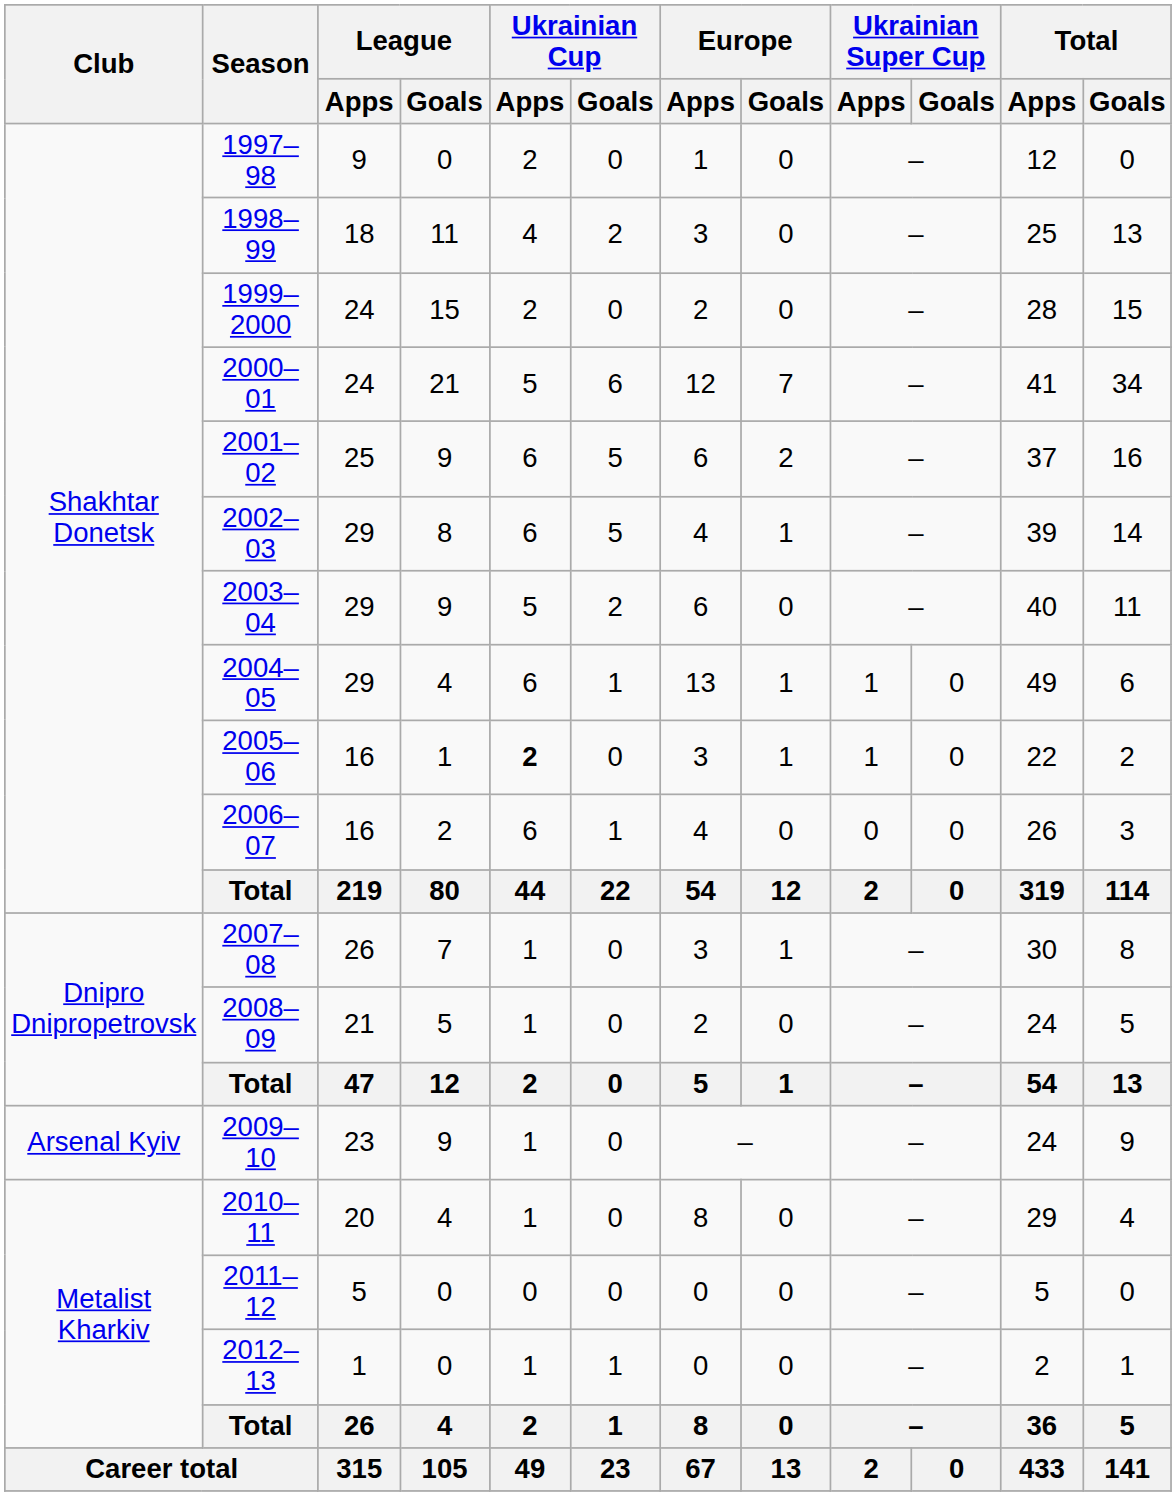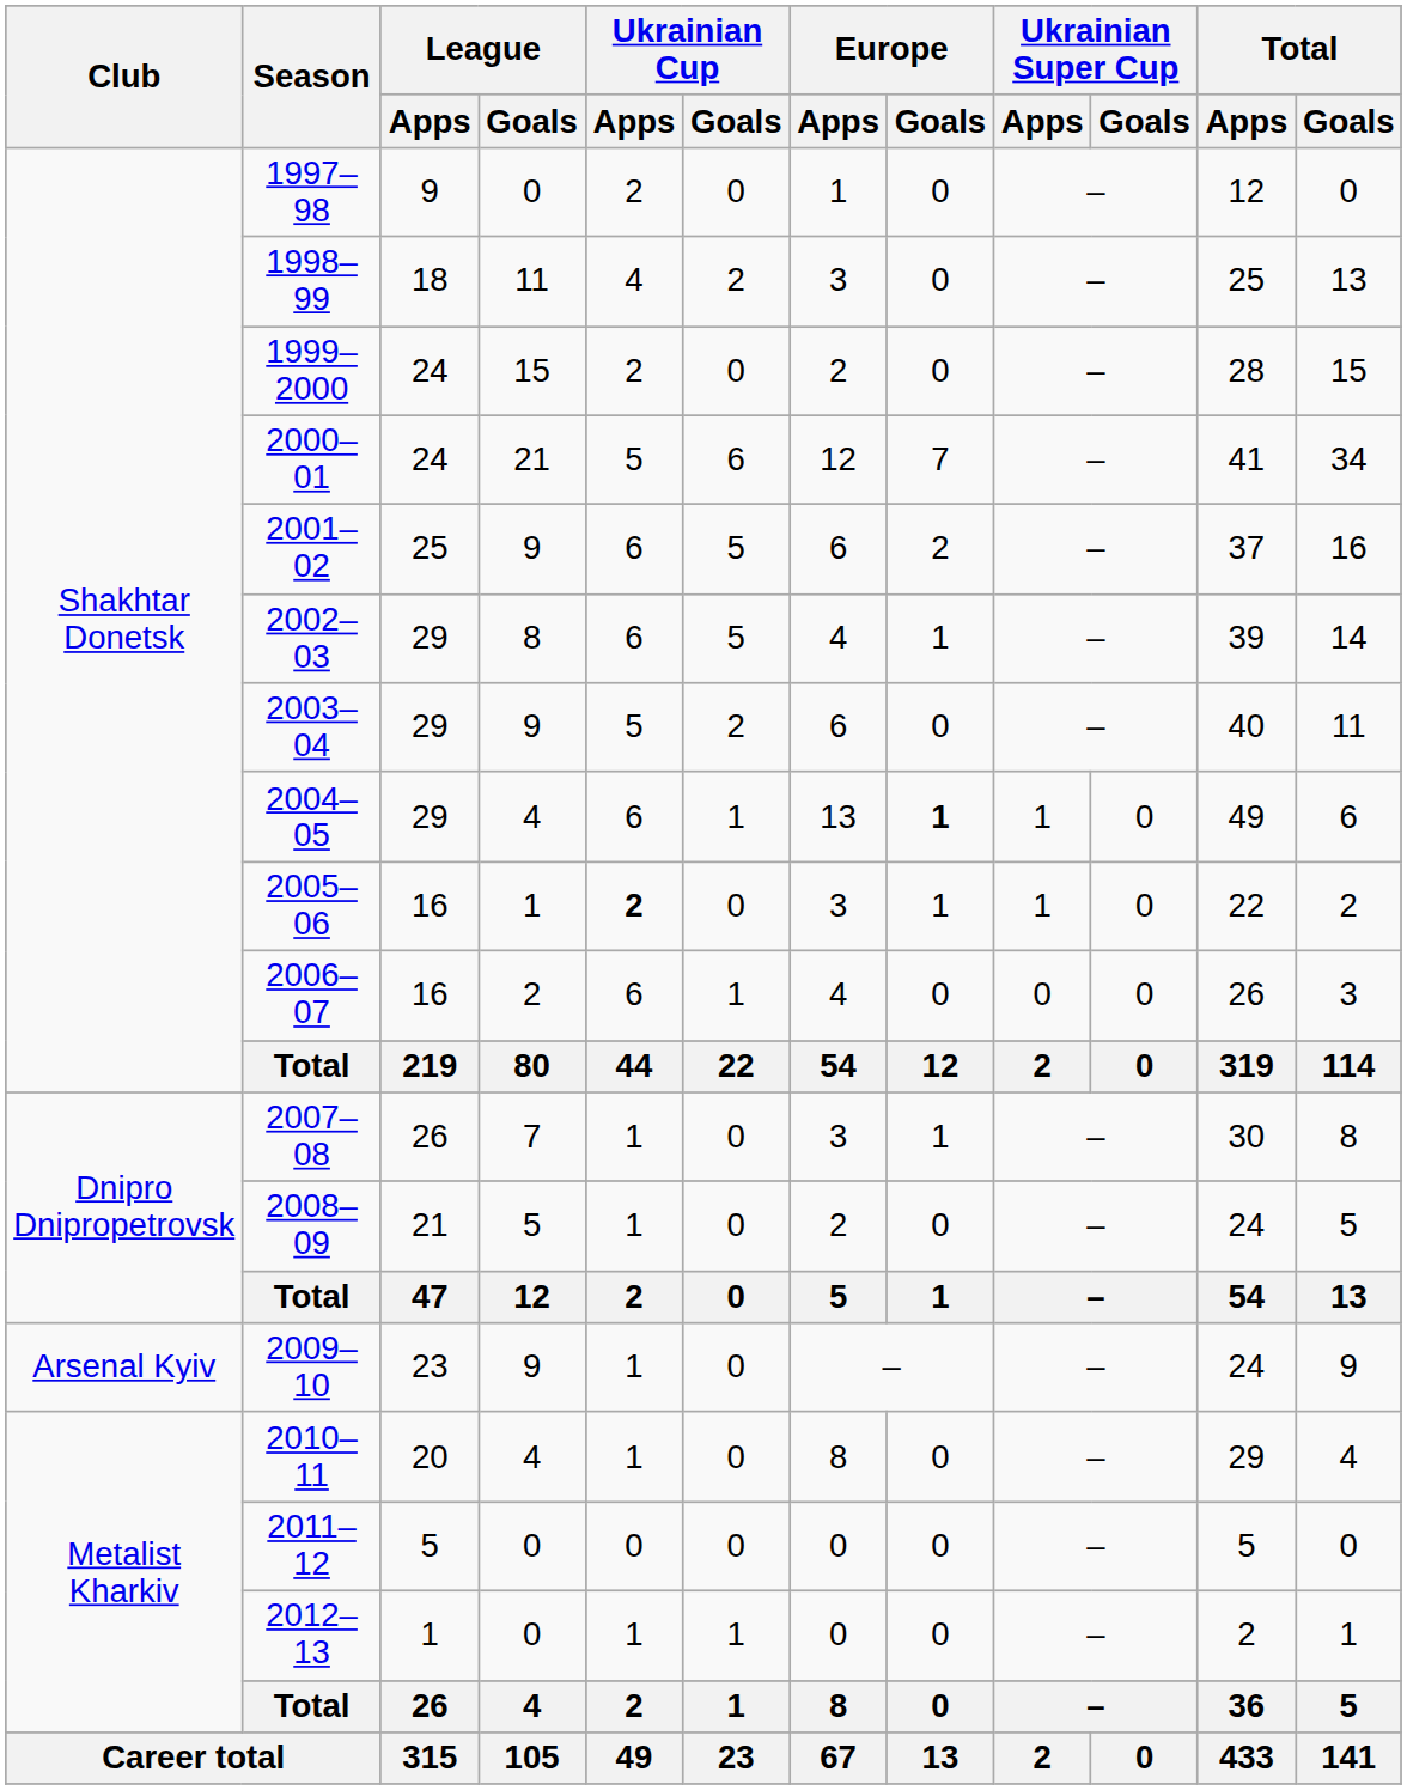 <table class="wikitable" style="text-align:center">
 <tr>
 <th rowspan="2" width="100">Club</th>
 <th rowspan="2" width="60">Season</th>
 <th colspan="2">League</th>
 <th colspan="2"><a href='#'>Ukrainian Cup</a></th>
 <th colspan="2">Europe</th>
 <th colspan="2"><a href='#'>Ukrainian Super Cup</a></th>
 <th colspan="2">Total</th>
 </tr>
 <tr>
 <th width="40">Apps</th>
 <th width="40">Goals</th>
 <th width="40">Apps</th>
 <th width="40">Goals</th>
 <th width="40">Apps</th>
 <th width="40">Goals</th>
 <th width="40">Apps</th>
 <th width="40">Goals</th>
 <th width="40">Apps</th>
 <th width="40">Goals</th>
 </tr>
 <tr>
 <td rowspan="11"><a href='#'>Shakhtar Donetsk</a></td>
 <td><a href='#'>1997–98</a></td>
 <td>9</td>
 <td>0</td>
 <td>2</td>
 <td>0</td>
 <td>1</td>
 <td>0</td>
 <td colspan="2">–</td>
 <td>12</td>
 <td>0</td>
 </tr>
 <tr>
 <td><a href='#'>1998–99</a></td>
 <td>18</td>
 <td>11</td>
 <td>4</td>
 <td>2</td>
 <td>3</td>
 <td>0</td>
 <td colspan="2">–</td>
 <td>25</td>
 <td>13</td>
 </tr>
 <tr>
 <td><a href='#'>1999–2000</a></td>
 <td>24</td>
 <td>15</td>
 <td>2</td>
 <td>0</td>
 <td>2</td>
 <td>0</td>
 <td colspan="2">–</td>
 <td>28</td>
 <td>15</td>
 </tr>
 <tr>
 <td><a href='#'>2000–01</a></td>
 <td>24</td>
 <td>21</td>
 <td>5</td>
 <td>6</td>
 <td>12</td>
 <td>7</td>
 <td colspan="2">–</td>
 <td>41</td>
 <td>34</td>
 </tr>
 <tr>
 <td><a href='#'>2001–02</a></td>
 <td>25</td>
 <td>9</td>
 <td>6</td>
 <td>5</td>
 <td>6</td>
 <td>2</td>
 <td colspan="2">–</td>
 <td>37</td>
 <td>16</td>
 </tr>
 <tr>
 <td><a href='#'>2002–03</a></td>
 <td>29</td>
 <td>8</td>
 <td>6</td>
 <td>5</td>
 <td>4</td>
 <td>1</td>
 <td colspan="2">–</td>
 <td>39</td>
 <td>14</td>
 </tr>
 <tr>
 <td><a href='#'>2003–04</a></td>
 <td>29</td>
 <td>9</td>
 <td>5</td>
 <td>2</td>
 <td>6</td>
 <td>0</td>
 <td colspan="2">–</td>
 <td>40</td>
 <td>11</td>
 </tr>
 <tr>
 <td><a href='#'>2004–05</a></td>
 <td>29</td>
 <td>4</td>
 <td>6</td>
 <td>1</td>
 <td>13</td>
-<td>1</td>
+<td><strong>1</strong></td>
 <td>1</td>
 <td>0</td>
 <td>49</td>
 <td>6</td>
 </tr>
 <tr>
 <td><a href='#'>2005–06</a></td>
 <td>16</td>
 <td>1</td>
 <td><strong>2</strong></td>
 <td>0</td>
 <td>3</td>
 <td>1</td>
 <td>1</td>
 <td>0</td>
 <td>22</td>
 <td>2</td>
 </tr>
 <tr>
 <td><a href='#'>2006–07</a></td>
 <td>16</td>
 <td>2</td>
 <td>6</td>
 <td>1</td>
 <td>4</td>
 <td>0</td>
 <td>0</td>
 <td>0</td>
 <td>26</td>
 <td>3</td>
 </tr>
 <tr>
 <th colspan="1">Total</th>
 <th>219</th>
 <th>80</th>
 <th>44</th>
 <th>22</th>
 <th>54</th>
 <th>12</th>
 <th>2</th>
 <th>0</th>
 <th>319</th>
 <th>114</th>
 </tr>
 <tr>
 <td rowspan="3"><a href='#'>Dnipro Dnipropetrovsk</a></td>
 <td><a href='#'>2007–08</a></td>
 <td>26</td>
 <td>7</td>
 <td>1</td>
 <td>0</td>
 <td>3</td>
 <td>1</td>
 <td colspan="2">–</td>
 <td>30</td>
 <td>8</td>
 </tr>
 <tr>
 <td><a href='#'>2008–09</a></td>
 <td>21</td>
 <td>5</td>
 <td>1</td>
 <td>0</td>
 <td>2</td>
 <td>0</td>
 <td colspan="2">–</td>
 <td>24</td>
 <td>5</td>
 </tr>
 <tr>
 <th colspan="1">Total</th>
 <th>47</th>
 <th>12</th>
 <th>2</th>
 <th>0</th>
 <th>5</th>
 <th>1</th>
 <th colspan="2">–</th>
 <th>54</th>
 <th>13</th>
 </tr>
 <tr>
 <td><a href='#'>Arsenal Kyiv</a></td>
 <td><a href='#'>2009–10</a></td>
 <td>23</td>
 <td>9</td>
 <td>1</td>
 <td>0</td>
 <td colspan="2">–</td>
 <td colspan="2">–</td>
 <td>24</td>
 <td>9</td>
 </tr>
 <tr>
 <td rowspan="4"><a href='#'>Metalist Kharkiv</a></td>
 <td><a href='#'>2010–11</a></td>
 <td>20</td>
 <td>4</td>
 <td>1</td>
 <td>0</td>
 <td>8</td>
 <td>0</td>
 <td colspan="2">–</td>
 <td>29</td>
 <td>4</td>
 </tr>
 <tr>
 <td><a href='#'>2011–12</a></td>
 <td>5</td>
 <td>0</td>
 <td>0</td>
 <td>0</td>
 <td>0</td>
 <td>0</td>
 <td colspan="2">–</td>
 <td>5</td>
 <td>0</td>
 </tr>
 <tr>
 <td><a href='#'>2012–13</a></td>
 <td>1</td>
 <td>0</td>
 <td>1</td>
 <td>1</td>
 <td>0</td>
 <td>0</td>
 <td colspan="2">–</td>
 <td>2</td>
 <td>1</td>
 </tr>
 <tr>
 <th colspan="1">Total</th>
 <th>26</th>
 <th>4</th>
 <th>2</th>
 <th>1</th>
 <th>8</th>
 <th>0</th>
 <th colspan="2">–</th>
 <th>36</th>
 <th>5</th>
 </tr>
 <tr>
 <th colspan="2">Career total</th>
 <th>315</th>
 <th>105</th>
 <th>49</th>
 <th>23</th>
 <th>67</th>
 <th>13</th>
 <th>2</th>
 <th>0</th>
 <th>433</th>
 <th>141</th>
 </tr>
 </table>
